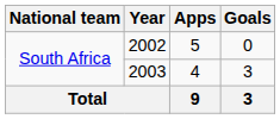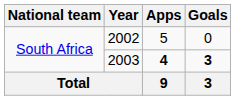 <table class="wikitable" style="text-align:center">
 <tr>
 <th>National team</th>
 <th>Year</th>
 <th>Apps</th>
 <th>Goals</th>
 </tr>
 <tr>
 <td rowspan="2"><a href='#'>South Africa</a></td>
 <td>2002</td>
 <td>5</td>
 <td>0</td>
 </tr>
 <tr>
 <td>2003</td>
-<td>4</td>
-<td>3</td>
+<td><strong>4</strong></td>
+<td><strong>3</strong></td>
 </tr>
 <tr>
 <th colspan=2>Total</th>
 <th>9</th>
 <th>3</th>
 </tr>
 </table>
